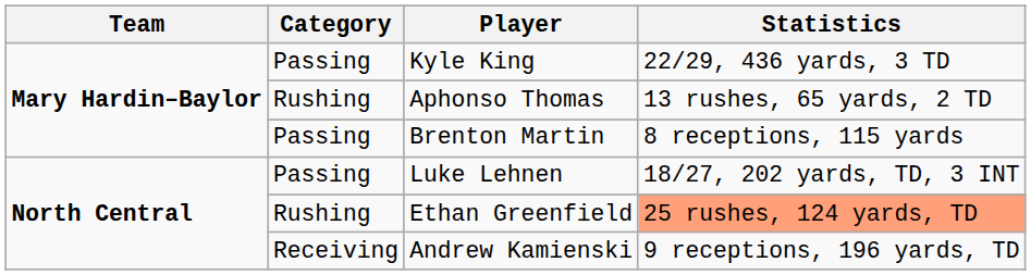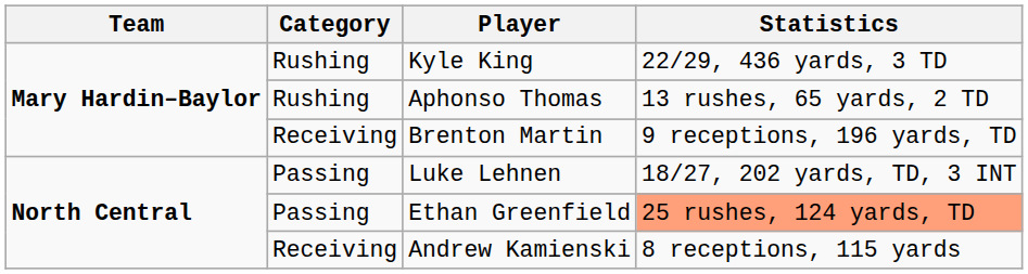 <table class="wikitable" style="float: right;">
 <tr>
 <th>Team</th>
 <th>Category</th>
 <th>Player</th>
 <th>Statistics</th>
 </tr>
 <tr>
 <td rowspan=3><strong>Mary Hardin–Baylor</strong></td>
-<td>Passing</td>
+<td>Rushing</td>
 <td>Kyle King</td>
 <td>22/29, 436 yards, 3 TD</td>
 </tr>
 <tr>
 <td>Rushing</td>
 <td>Aphonso Thomas</td>
 <td>13 rushes, 65 yards, 2 TD</td>
 </tr>
 <tr>
-<td>Passing</td>
+<td>Receiving</td>
 <td>Brenton Martin</td>
-<td>8 receptions, 115 yards</td>
+<td>9 receptions, 196 yards, TD</td>
 </tr>
 <tr>
 <td rowspan=3><strong>North Central</strong></td>
 <td>Passing</td>
 <td>Luke Lehnen</td>
 <td>18/27, 202 yards, TD, 3 INT</td>
 </tr>
 <tr>
-<td>Rushing</td>
+<td>Passing</td>
 <td>Ethan Greenfield</td>
 <td style="background: lightsalmon;">25 rushes, 124 yards, TD</td>
 </tr>
 <tr>
 <td>Receiving</td>
 <td>Andrew Kamienski</td>
-<td>9 receptions, 196 yards, TD</td>
+<td>8 receptions, 115 yards</td>
 </tr>
 </table>
